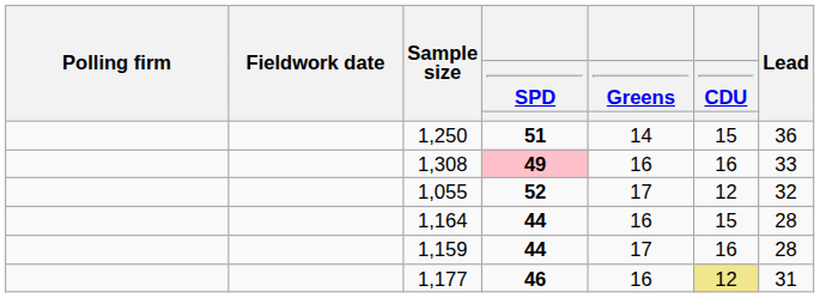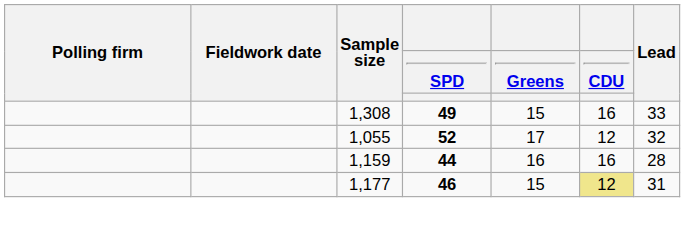 <table class="wikitable sortable" style="text-align:center;font-size:90%;line-height:14px;">
 <tr style="height:40px;">
 <th style="width:155px;" rowspan="3">Polling firm</th>
 <th style="width:120px;" rowspan="3">Fieldwork date</th>
 <th style="width:35px;" rowspan="3">Sample<br>size</th>
 <th class="unsortable" style="width:70px;"></th>
 <th class="unsortable" style="width:70px;"></th>
 <th class="unsortable"></th>
 <th style="width:30px;" rowspan="3">Lead</th>
 </tr>
 <tr>
 <th class="unsortable" style="width:40px;"><hr><a href='#'>SPD</a></th>
 <th class="unsortable" style="width:40px;"><hr><a href='#'>Greens</a></th>
 <th class="unsortable" style="width:40px;"><hr><a href='#'>CDU</a></th>
 </tr>
 <tr>
 <th style="background:"></th>
 <th style="background:"></th>
 <th style="background:"></th>
 </tr>
 <tr>
 <td></td>
 <td></td>
-<td>1,250</td>
-<td><strong>51</strong></td>
-<td>14</td>
+<td>1,308</td>
+<td><strong>49</strong></td>
 <td>15</td>
-<td style="background:">36</td>
-</tr>
-<tr>
-<td></td>
-<td></td>
-<td>1,308</td>
-<td style="background: pink;"><strong>49</strong></td>
-<td>16</td>
 <td>16</td>
 <td style="background:">33</td>
 </tr>
 <tr>
 <td></td>
 <td></td>
 <td>1,055</td>
 <td><strong>52</strong></td>
 <td>17</td>
 <td>12</td>
 <td style="background:">32</td>
 </tr>
 <tr>
 <td></td>
 <td></td>
-<td>1,164</td>
+<td>1,159</td>
 <td><strong>44</strong></td>
 <td>16</td>
-<td>15</td>
-<td style="background:">28</td>
-</tr>
-<tr>
-<td></td>
-<td></td>
-<td>1,159</td>
-<td><strong>44</strong></td>
-<td>17</td>
 <td>16</td>
 <td style="background:">28</td>
 </tr>
 <tr>
 <td></td>
 <td></td>
 <td>1,177</td>
 <td><strong>46</strong></td>
-<td>16</td>
+<td>15</td>
 <td style="background: khaki;">12</td>
 <td style="background:">31</td>
 </tr>
 </table>
